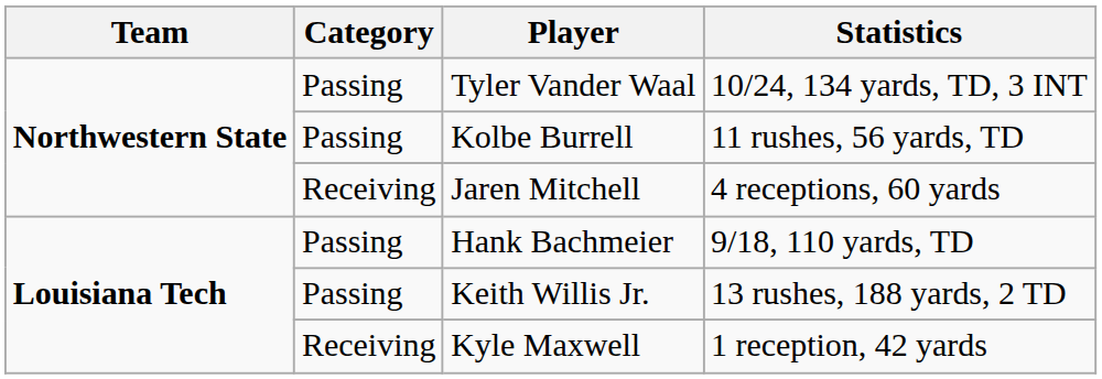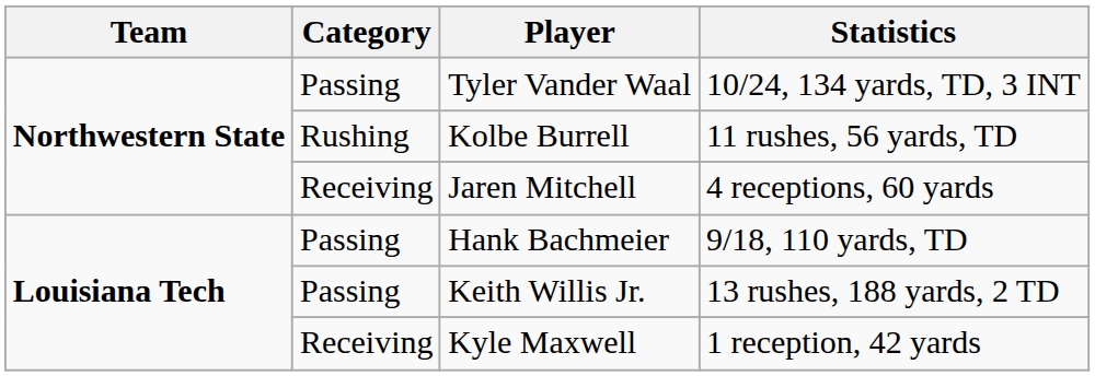 <table class="wikitable" style="float: left;">
 <tr>
 <th>Team</th>
 <th>Category</th>
 <th>Player</th>
 <th>Statistics</th>
 </tr>
 <tr>
 <td rowspan=3><strong>Northwestern State</strong></td>
 <td>Passing</td>
 <td>Tyler Vander Waal</td>
 <td>10/24, 134 yards, TD, 3 INT</td>
 </tr>
 <tr>
-<td>Passing</td>
+<td>Rushing</td>
 <td>Kolbe Burrell</td>
 <td>11 rushes, 56 yards, TD</td>
 </tr>
 <tr>
 <td>Receiving</td>
 <td>Jaren Mitchell</td>
 <td>4 receptions, 60 yards</td>
 </tr>
 <tr>
 <td rowspan=3><strong>Louisiana Tech</strong></td>
 <td>Passing</td>
 <td>Hank Bachmeier</td>
 <td>9/18, 110 yards, TD</td>
 </tr>
 <tr>
 <td>Passing</td>
 <td>Keith Willis Jr.</td>
 <td>13 rushes, 188 yards, 2 TD</td>
 </tr>
 <tr>
 <td>Receiving</td>
 <td>Kyle Maxwell</td>
 <td>1 reception, 42 yards</td>
 </tr>
 </table>
